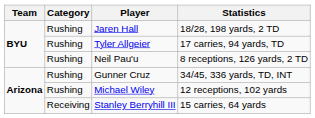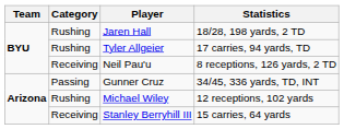 <table class="wikitable" style="float: right;">
 <tr>
 <th>Team</th>
 <th>Category</th>
 <th>Player</th>
 <th>Statistics</th>
 </tr>
 <tr>
 <td rowspan=3><strong>BYU</strong></td>
 <td>Rushing</td>
 <td><a href='#'>Jaren Hall</a></td>
 <td>18/28, 198 yards, 2 TD</td>
 </tr>
 <tr>
 <td>Rushing</td>
 <td><a href='#'>Tyler Allgeier</a></td>
 <td>17 carries, 94 yards, TD</td>
 </tr>
 <tr>
-<td>Rushing</td>
+<td>Receiving</td>
 <td>Neil Pau'u</td>
 <td>8 receptions, 126 yards, 2 TD</td>
 </tr>
 <tr>
 <td rowspan=3><strong>Arizona</strong></td>
-<td>Rushing</td>
+<td>Passing</td>
 <td>Gunner Cruz</td>
 <td>34/45, 336 yards, TD, INT</td>
 </tr>
 <tr>
 <td>Rushing</td>
 <td><a href='#'>Michael Wiley</a></td>
 <td>12 receptions, 102 yards</td>
 </tr>
 <tr>
 <td>Receiving</td>
 <td><a href='#'>Stanley Berryhill III</a></td>
 <td>15 carries, 64 yards</td>
 </tr>
 </table>
